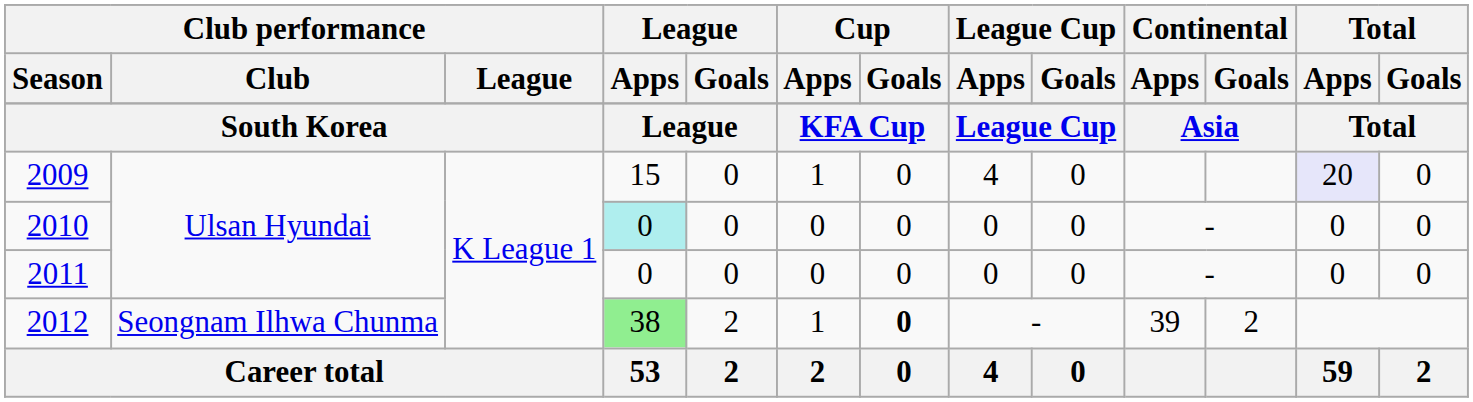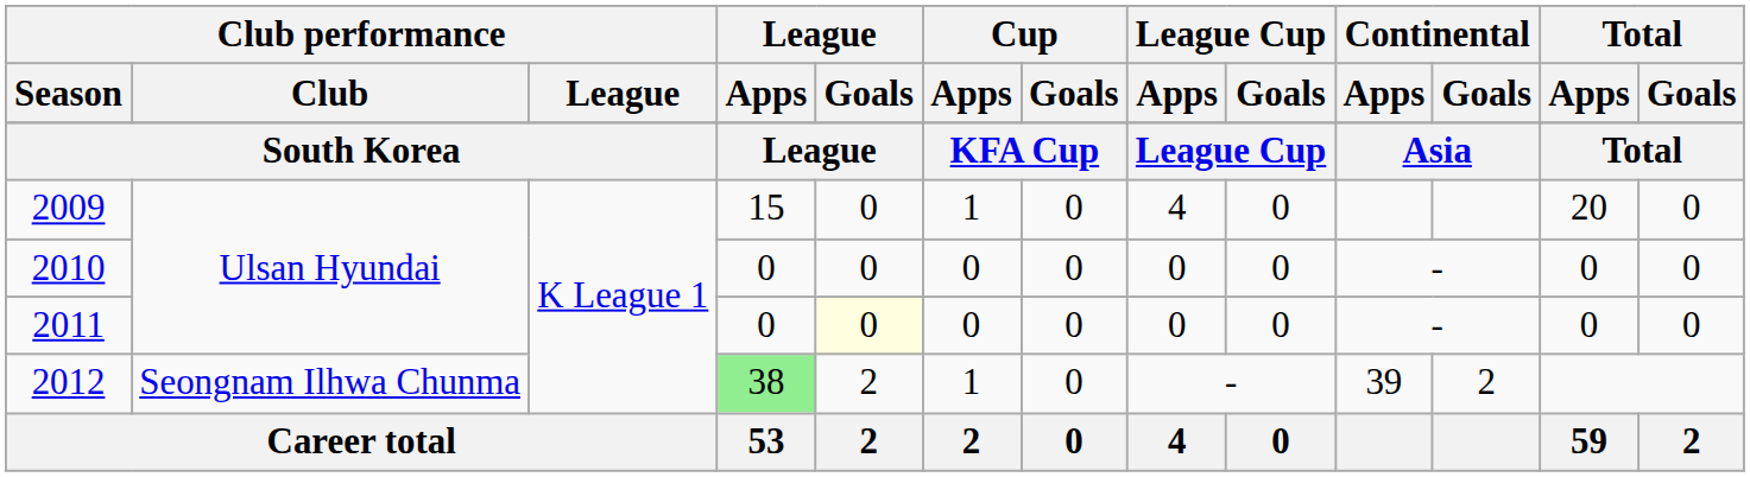 <table class="wikitable" style="text-align:center">
 <tr>
 <th colspan=3>Club performance</th>
 <th colspan=2>League</th>
 <th colspan=2>Cup</th>
 <th colspan=2>League Cup</th>
 <th colspan=2>Continental</th>
 <th colspan=2>Total</th>
 </tr>
 <tr>
 <th>Season</th>
 <th>Club</th>
 <th>League</th>
 <th>Apps</th>
 <th>Goals</th>
 <th>Apps</th>
 <th>Goals</th>
 <th>Apps</th>
 <th>Goals</th>
 <th>Apps</th>
 <th>Goals</th>
 <th>Apps</th>
 <th>Goals</th>
 </tr>
 <tr>
 </tr>
 <tr>
 <th colspan=3>South Korea</th>
 <th colspan=2>League</th>
 <th colspan=2><a href='#'>KFA Cup</a></th>
 <th colspan=2><a href='#'>League Cup</a></th>
 <th colspan=2><a href='#'>Asia</a></th>
 <th colspan=2>Total</th>
 </tr>
 <tr>
 <td><a href='#'>2009</a></td>
 <td rowspan="3"><a href='#'>Ulsan Hyundai</a></td>
 <td rowspan="4"><a href='#'>K League 1</a></td>
 <td>15</td>
 <td>0</td>
 <td>1</td>
 <td>0</td>
 <td>4</td>
 <td>0</td>
 <td></td>
 <td></td>
-<td style="background: lavender;">20</td>
+<td>20</td>
 <td>0</td>
 </tr>
 <tr>
 <td><a href='#'>2010</a></td>
-<td style="background: paleturquoise;">0</td>
+<td>0</td>
 <td>0</td>
 <td>0</td>
 <td>0</td>
 <td>0</td>
 <td>0</td>
 <td colspan="2">-</td>
 <td>0</td>
 <td>0</td>
 </tr>
 <tr>
 <td><a href='#'>2011</a></td>
 <td>0</td>
-<td>0</td>
+<td style="background: lightyellow;">0</td>
 <td>0</td>
 <td>0</td>
 <td>0</td>
 <td>0</td>
 <td colspan="2">-</td>
 <td>0</td>
 <td>0</td>
 </tr>
 <tr>
 <td><a href='#'>2012</a></td>
 <td rowspan="1"><a href='#'>Seongnam Ilhwa Chunma</a></td>
 <td style="background: lightgreen;">38</td>
 <td>2</td>
 <td>1</td>
-<td><strong>0</strong></td>
+<td>0</td>
 <td colspan="2">-</td>
 <td>39</td>
 <td>2</td>
 </tr>
 <tr>
 <th colspan=3>Career total</th>
 <th>53</th>
 <th>2</th>
 <th>2</th>
 <th>0</th>
 <th>4</th>
 <th>0</th>
 <th></th>
 <th></th>
 <th>59</th>
 <th>2</th>
 </tr>
 </table>
